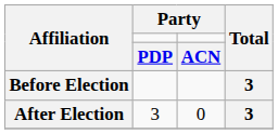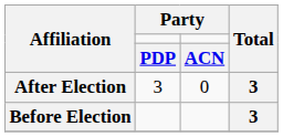 <table class="wikitable" style="text-align:center">
 <tr>
 <th rowspan="3">Affiliation</th>
 <th colspan="2">Party</th>
 <th rowspan="3">Total</th>
 </tr>
 <tr>
 <td style="background-color:"></td>
 <td style="background-color:"></td>
 </tr>
 <tr>
 <th><a href='#'>PDP</a></th>
 <th><a href='#'>ACN</a></th>
 </tr>
 <tr>
+<th>After Election</th>
+<td>3</td>
+<td>0</td>
+<th>3</th>
+</tr>
+<tr>
 <th>Before Election</th>
 <td></td>
 <td></td>
 <th>3</th>
 </tr>
 <tr>
-<th>After Election</th>
-<td>3</td>
-<td>0</td>
-<th>3</th>
-</tr>
-<tr>
 </tr>
 </table>
